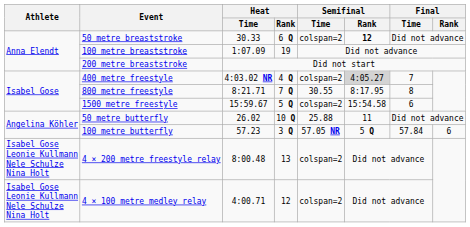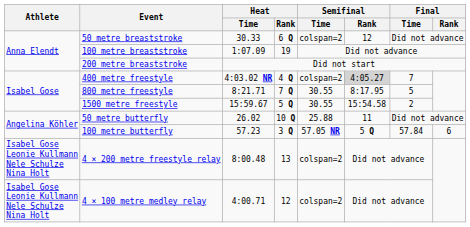 <table class="wikitable" style="font-size:90%;">
 <tr>
 <th rowspan="2">Athlete</th>
 <th rowspan="2">Event</th>
 <th colspan="2">Heat</th>
 <th colspan="2">Semifinal</th>
 <th colspan="2">Final</th>
 </tr>
 <tr>
 <th>Time</th>
 <th>Rank</th>
 <th>Time</th>
 <th>Rank</th>
 <th>Time</th>
 <th>Rank</th>
 </tr>
 <tr align=center>
 <td align=left rowspan=3><a href='#'>Anna Elendt</a></td>
 <td align=left><a href='#'>50 metre breaststroke</a></td>
 <td>30.33</td>
 <td>6 <strong>Q</strong></td>
 <td>colspan=2</td>
-<td><strong>12</strong></td>
+<td>12</td>
 <td colspan=2>Did not advance</td>
 </tr>
 <tr align=center>
 <td align=left><a href='#'>100 metre breaststroke</a></td>
 <td>1:07.09</td>
 <td>19</td>
 <td colspan=4>Did not advance</td>
 </tr>
 <tr align=center>
 <td align=left><a href='#'>200 metre breaststroke</a></td>
 <td colspan=6>Did not start</td>
 </tr>
 <tr align=center>
 <td align=left rowspan=3><a href='#'>Isabel Gose</a></td>
 <td align=left><a href='#'>400 metre freestyle</a></td>
 <td>4:03.02 <strong><a href='#'>NR</a></strong></td>
 <td>4 <strong>Q</strong></td>
 <td>colspan=2</td>
 <td style="background: lightgrey;">4:05.27</td>
 <td>7</td>
 </tr>
 <tr align=center>
 <td align=left><a href='#'>800 metre freestyle</a></td>
 <td>8:21.71</td>
 <td>7 <strong>Q</strong></td>
 <td>30.55</td>
 <td>8:17.95</td>
-<td>8</td>
+<td>5</td>
 </tr>
 <tr align=center>
 <td align=left><a href='#'>1500 metre freestyle</a></td>
 <td>15:59.67</td>
 <td>5 <strong>Q</strong></td>
-<td>colspan=2</td>
+<td>30.55</td>
 <td>15:54.58</td>
-<td>6</td>
+<td>2</td>
 </tr>
 <tr align=center>
 <td align=left rowspan=2><a href='#'>Angelina Köhler</a></td>
 <td align=left><a href='#'>50 metre butterfly</a></td>
 <td>26.02</td>
 <td>10 <strong>Q</strong></td>
 <td>25.88</td>
 <td>11</td>
 <td colspan=2>Did not advance</td>
 </tr>
 <tr align=center>
 <td align=left><a href='#'>100 metre butterfly</a></td>
 <td>57.23</td>
 <td>3 <strong>Q</strong></td>
 <td>57.05 <strong><a href='#'>NR</a></strong></td>
 <td>5 <strong>Q</strong></td>
 <td>57.84</td>
 <td>6</td>
 </tr>
 <tr align=center>
 <td align=left><a href='#'>Isabel Gose</a><br><a href='#'>Leonie Kullmann</a><br><a href='#'>Nele Schulze</a><br><a href='#'>Nina Holt</a></td>
 <td align=left><a href='#'>4 × 200 metre freestyle relay</a></td>
 <td>8:00.48</td>
 <td>13</td>
 <td>colspan=2</td>
 <td colspan=2>Did not advance</td>
 </tr>
 <tr align=center>
 <td align=left><a href='#'>Isabel Gose</a><br><a href='#'>Leonie Kullmann</a><br><a href='#'>Nele Schulze</a><br><a href='#'>Nina Holt</a></td>
 <td align=left><a href='#'>4 × 100 metre medley relay</a></td>
 <td>4:00.71</td>
 <td>12</td>
 <td>colspan=2</td>
 <td colspan=2>Did not advance</td>
 </tr>
 </table>
